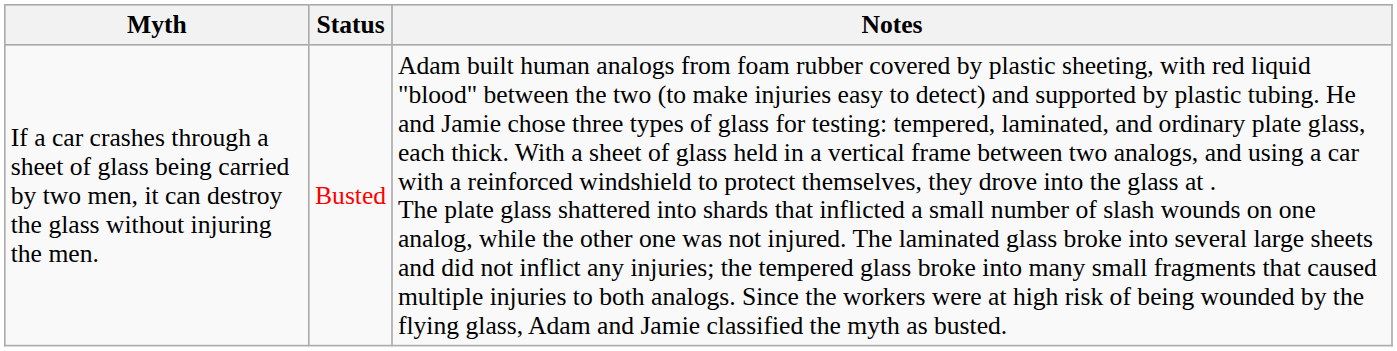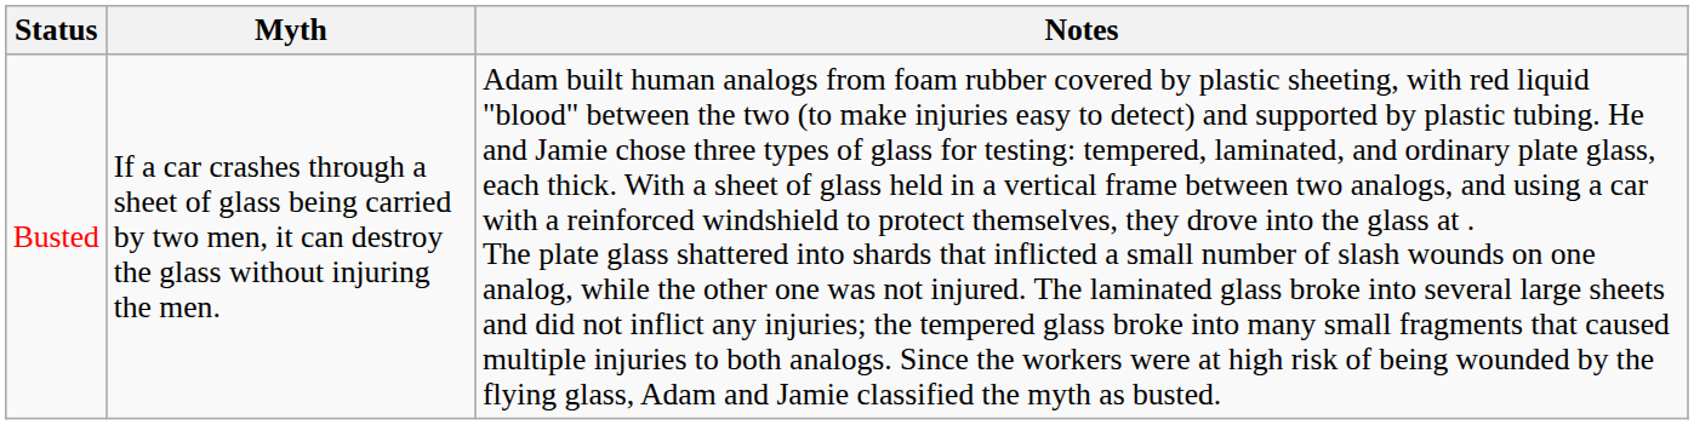 <table class="wikitable plainrowheaders">
 <tr>
+<th scope"col">Status</th>
 <th scope"col">Myth</th>
-<th scope"col">Status</th>
 <th scope"col">Notes</th>
 </tr>
 <tr>
+<td style="color:red">Busted</td>
 <td scope"row">If a car crashes through a sheet of glass being carried by two men, it can destroy the glass without injuring the men.</td>
-<td style="color:red">Busted</td>
 <td>Adam built human analogs from foam rubber covered by plastic sheeting, with red liquid "blood" between the two (to make injuries easy to detect) and supported by plastic tubing. He and Jamie chose three types of glass for testing: tempered, laminated, and ordinary plate glass, each  thick. With a sheet of glass held in a vertical frame between two analogs, and using a car with a reinforced windshield to protect themselves, they drove into the glass at .<br>The plate glass shattered into shards that inflicted a small number of slash wounds on one analog, while the other one was not injured. The laminated glass broke into several large sheets and did not inflict any injuries; the tempered glass broke into many small fragments that caused multiple injuries to both analogs. Since the workers were at high risk of being wounded by the flying glass, Adam and Jamie classified the myth as busted.</td>
 </tr>
 </table>
